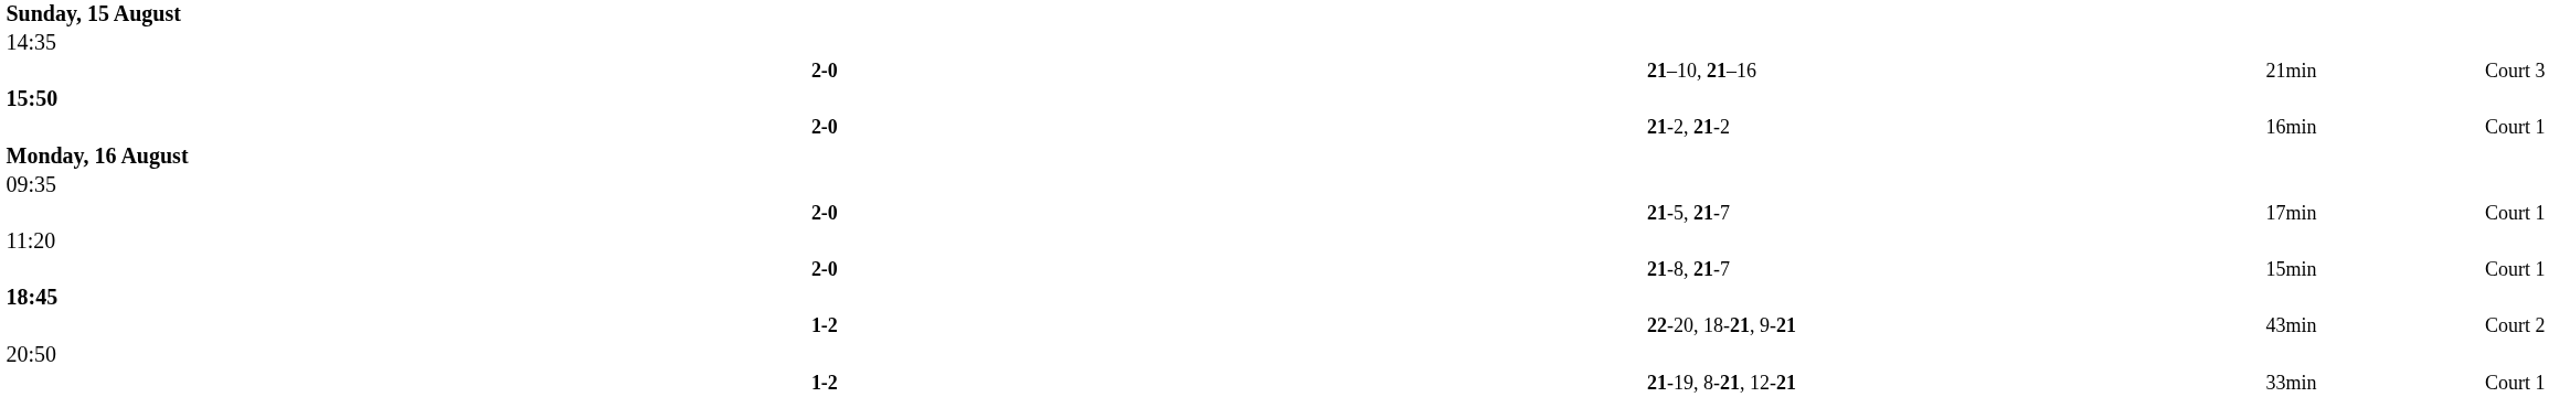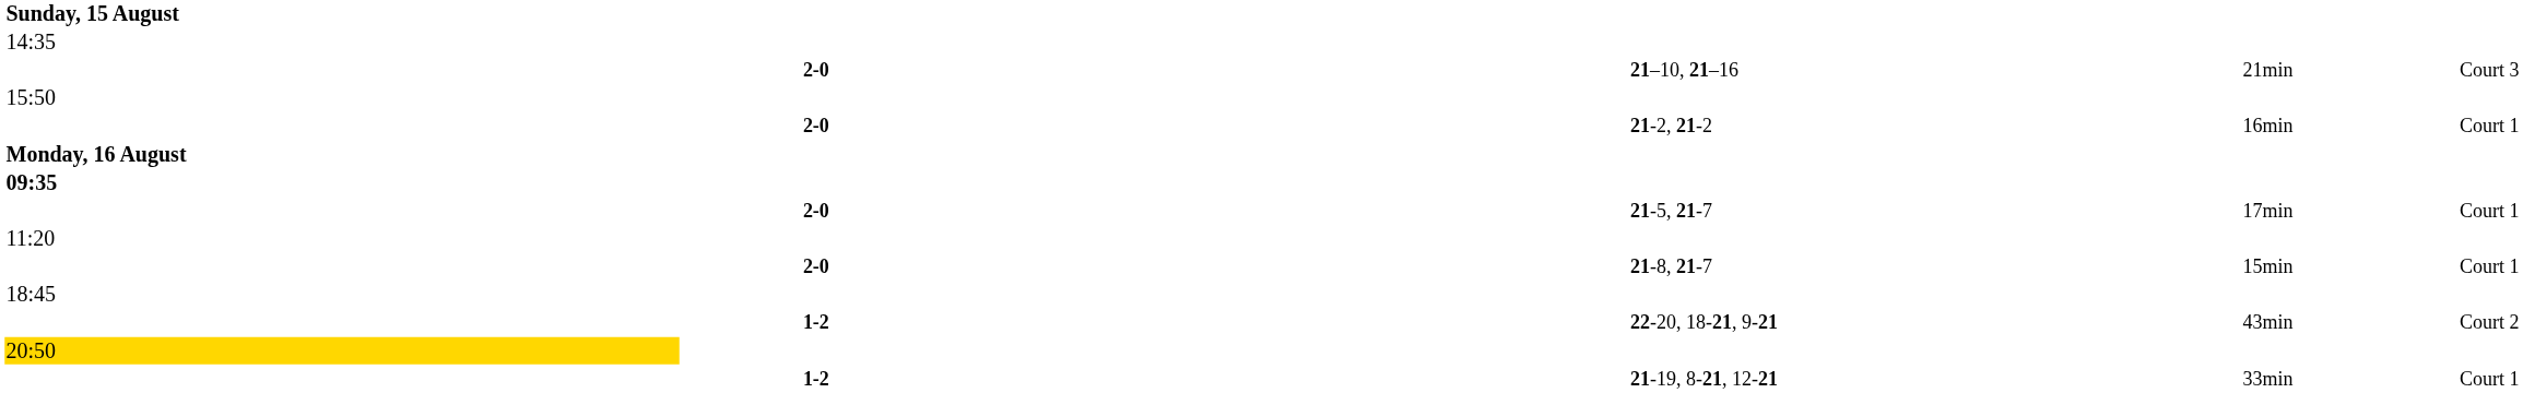 <table style="width:100%;" cellspacing="1">
 <tr>
 <th width=25%></th>
 <th width=10%></th>
 <th width=25%></th>
 </tr>
 <tr>
 <td><strong>Sunday, 15 August</strong></td>
 </tr>
 <tr>
 <td>14:35</td>
 </tr>
 <tr style=font-size:90%>
 <td align=right><strong></strong></td>
 <td align=center><strong> 2-0 </strong></td>
 <td></td>
 <td><strong>21</strong>–10, <strong>21</strong>–16</td>
 <td>21min</td>
 <td>Court 3</td>
 </tr>
 <tr>
-<td><strong>15:50</strong></td>
+<td>15:50</td>
 </tr>
 <tr style=font-size:90%>
 <td align=right><strong></strong></td>
 <td align=center><strong> 2-0 </strong></td>
 <td></td>
 <td><strong>21</strong>-2, <strong>21</strong>-2</td>
 <td>16min</td>
 <td>Court 1</td>
 </tr>
 <tr>
 <td><strong>Monday, 16 August</strong></td>
 </tr>
 <tr>
-<td>09:35</td>
+<td><strong>09:35</strong></td>
 </tr>
 <tr style=font-size:90%>
 <td align=right><strong></strong></td>
 <td align=center><strong> 2-0 </strong></td>
 <td></td>
 <td><strong>21</strong>-5, <strong>21</strong>-7</td>
 <td>17min</td>
 <td>Court 1</td>
 </tr>
 <tr>
 <td>11:20</td>
 </tr>
 <tr style=font-size:90%>
 <td align=right><strong></strong></td>
 <td align=center><strong> 2-0 </strong></td>
 <td></td>
 <td><strong>21</strong>-8, <strong>21</strong>-7</td>
 <td>15min</td>
 <td>Court 1</td>
 </tr>
 <tr>
-<td><strong>18:45</strong></td>
+<td>18:45</td>
 </tr>
 <tr style=font-size:90%>
 <td align=right></td>
 <td align=center><strong> 1-2 </strong></td>
 <td><strong></strong></td>
 <td><strong>22</strong>-20, 18-<strong>21</strong>, 9-<strong>21</strong></td>
 <td>43min</td>
 <td>Court 2</td>
 </tr>
 <tr>
-<td>20:50</td>
+<td style="background: gold;">20:50</td>
 </tr>
 <tr style=font-size:90%>
 <td align=right></td>
 <td align=center><strong> 1-2 </strong></td>
 <td><strong></strong></td>
 <td><strong>21</strong>-19, 8-<strong>21</strong>, 12-<strong>21</strong></td>
 <td>33min</td>
 <td>Court 1</td>
 </tr>
 </table>
